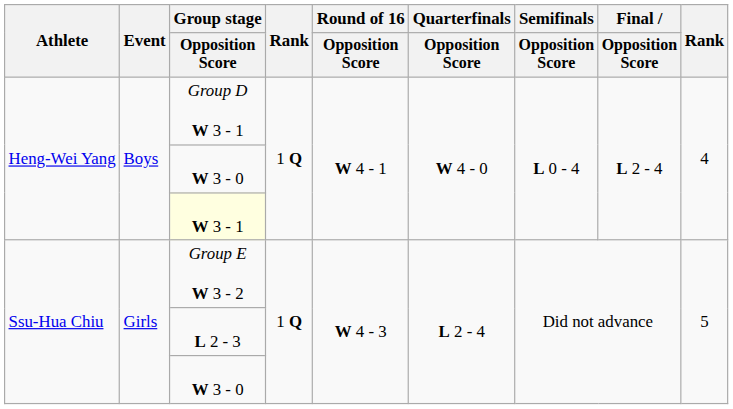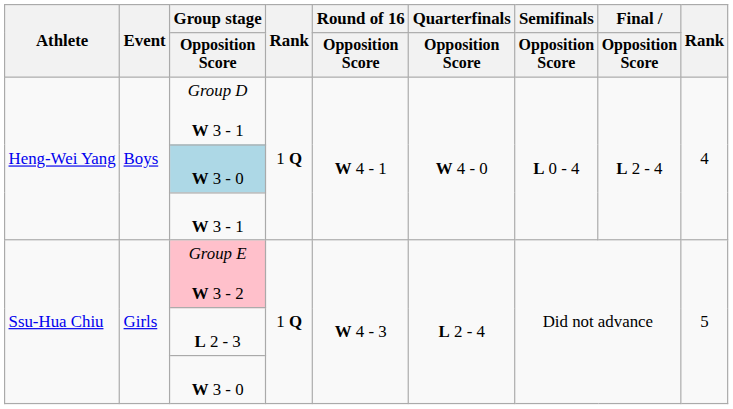 <table class=wikitable style="font-size:90%">
 <tr>
 <th rowspan="2">Athlete</th>
 <th rowspan="2">Event</th>
 <th>Group stage</th>
 <th rowspan="2">Rank</th>
 <th>Round of 16</th>
 <th>Quarterfinals</th>
 <th>Semifinals</th>
 <th>Final / </th>
 <th rowspan=2>Rank</th>
 </tr>
 <tr style="font-size:95%">
 <th>Opposition<br>Score</th>
 <th>Opposition<br>Score</th>
 <th>Opposition<br>Score</th>
 <th>Opposition<br>Score</th>
 <th>Opposition<br>Score</th>
 </tr>
 <tr align=center>
 <td align=left rowspan=3><a href='#'>Heng-Wei Yang</a></td>
 <td align=left rowspan=3><a href='#'>Boys</a></td>
 <td><em>Group D</em><br><br><strong>W</strong> 3 - 1</td>
 <td rowspan=3>1 <strong>Q</strong></td>
 <td rowspan=3><br><strong>W</strong> 4 - 1</td>
 <td rowspan=3><br><strong>W</strong> 4 - 0</td>
 <td rowspan=3><br><strong>L</strong> 0 - 4</td>
 <td rowspan=3><br><strong>L</strong> 2 - 4</td>
 <td rowspan=3>4</td>
 </tr>
 <tr align=center>
-<td><br><strong>W</strong> 3 - 0</td>
+<td style="background: lightblue;"><br><strong>W</strong> 3 - 0</td>
 </tr>
 <tr align=center>
-<td style="background: lightyellow;"><br><strong>W</strong> 3 - 1</td>
+<td><br><strong>W</strong> 3 - 1</td>
 </tr>
 <tr align=center>
 <td align=left rowspan=3><a href='#'>Ssu-Hua Chiu</a></td>
 <td align=left rowspan=3><a href='#'>Girls</a></td>
-<td><em>Group E</em><br><br><strong>W</strong> 3 - 2</td>
+<td style="background: pink;"><em>Group E</em><br><br><strong>W</strong> 3 - 2</td>
 <td rowspan=3>1 <strong>Q</strong></td>
 <td rowspan=3><br><strong>W</strong> 4 - 3</td>
 <td rowspan=3><br><strong>L</strong> 2 - 4</td>
 <td rowspan=3 colspan=2>Did not advance</td>
 <td rowspan=3>5</td>
 </tr>
 <tr align=center>
 <td><br><strong>L</strong> 2 - 3</td>
 </tr>
 <tr align=center>
 <td><br><strong>W</strong> 3 - 0</td>
 </tr>
 </table>
